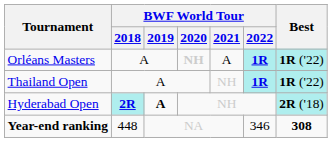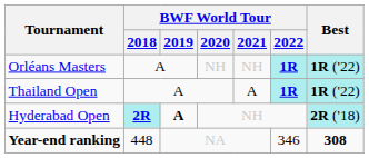 <table class="wikitable" style="font-size: 90%; text-align:center">
 <tr>
 <th rowspan="2">Tournament</th>
 <th colspan="5"><strong><a href='#'>BWF World Tour</a></strong></th>
 <th rowspan="2">Best</th>
 </tr>
 <tr>
 <th><a href='#'>2018</a></th>
 <th><a href='#'>2019</a></th>
 <th><a href='#'>2020</a></th>
 <th><a href='#'>2021</a></th>
 <th><a href='#'>2022</a></th>
 </tr>
 <tr>
 <td align=left><a href='#'>Orléans Masters</a></td>
 <td colspan="2">A</td>
-<td style=color:#ccc><strong>NH</strong></td>
-<td>A</td>
+<td style=color:#ccc>NH</td>
+<td style=color:#ccc>NH</td>
 <td bgcolor=AFEEEE><strong><a href='#'>1R</a></strong></td>
 <td bgcolor=AFEEEE><strong>1R</strong> ('22)</td>
 </tr>
 <tr>
 <td align=left><a href='#'>Thailand Open</a></td>
 <td colspan="3">A</td>
-<td style=color:#ccc>NH</td>
+<td>A</td>
 <td bgcolor=AFEEEE><strong><a href='#'>1R</a></strong></td>
 <td bgcolor=AFEEEE><strong>1R</strong> ('22)</td>
 </tr>
 <tr>
 <td align=left><a href='#'>Hyderabad Open</a></td>
 <td bgcolor=AFEEEE><a href='#'><strong>2R</strong></a></td>
 <td><strong>A</strong></td>
 <td colspan="3" style=color:#ccc>NH</td>
 <td bgcolor=AFEEEE><strong>2R</strong> ('18)</td>
 </tr>
 <tr>
 <td align=left><strong>Year-end ranking</strong></td>
 <td>448</td>
 <td colspan="3" style=color:#ccc>NA</td>
 <td>346</td>
 <td><strong>308</strong></td>
 </tr>
 </table>
